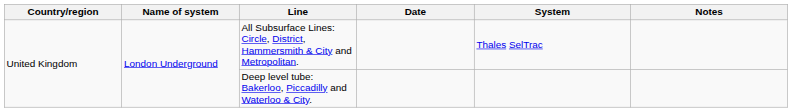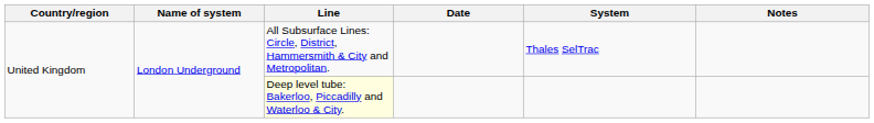 <table class="wikitable sortable" style="width:100%">
 <tr>
 <th style="width:15%">Country/region</th>
 <th style="width:15%">Name of system</th>
 <th style="width:15%">Line</th>
 <th style="width:15%">Date</th>
 <th style="width:20%">System</th>
 <th style="width:20%">Notes</th>
 </tr>
 <tr>
 <td rowspan="3"> United Kingdom</td>
 <td rowspan="2"><a href='#'>London Underground</a></td>
 <td>All Subsurface Lines:<br><a href='#'>Circle</a>, <a href='#'>District</a>, <a href='#'>Hammersmith & City</a> and <a href='#'>Metropolitan</a>.</td>
 <td></td>
 <td><a href='#'>Thales</a> <a href='#'>SelTrac</a></td>
 <td></td>
 </tr>
 <tr>
-<td>Deep level tube:<br><a href='#'>Bakerloo</a>, <a href='#'>Piccadilly</a> and <a href='#'>Waterloo & City</a>.</td>
+<td style="background: lightyellow;">Deep level tube:<br><a href='#'>Bakerloo</a>, <a href='#'>Piccadilly</a> and <a href='#'>Waterloo & City</a>.</td>
 <td></td>
 <td></td>
 <td></td>
 </tr>
 </table>
